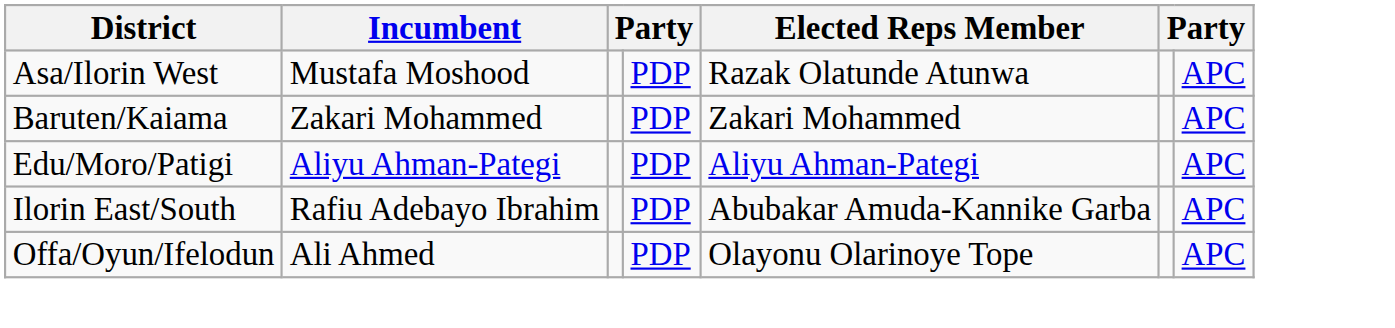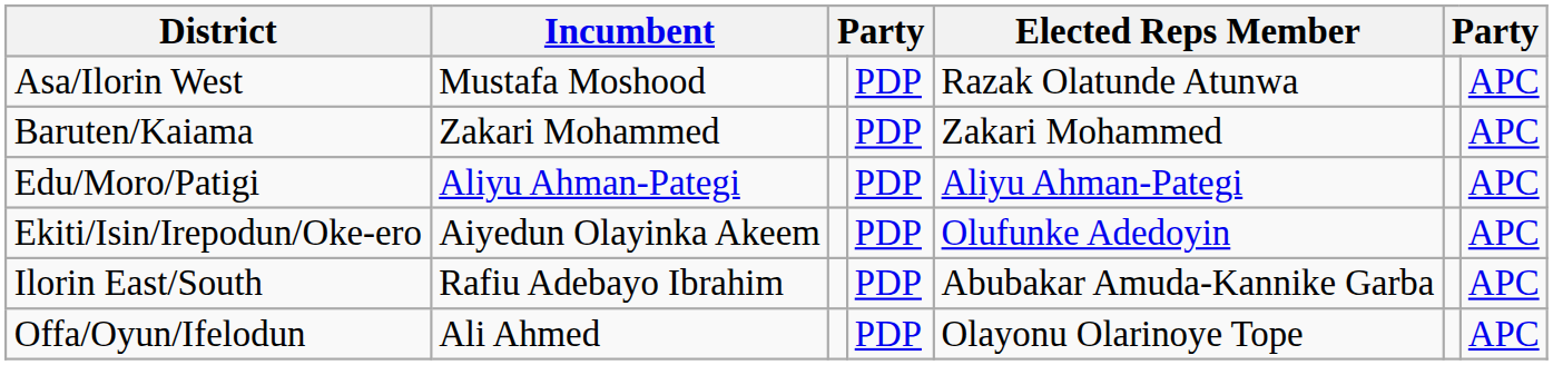 <table class="sortable wikitable" style="font-size:95%;line-height:14px;">
 <tr>
 <th class="unsortable">District</th>
 <th class="unsortable"><a href='#'>Incumbent</a></th>
 <th colspan="2">Party</th>
 <th class="unsortable">Elected Reps Member</th>
 <th colspan="2">Party</th>
 </tr>
 <tr>
 <td>Asa/Ilorin West</td>
 <td>Mustafa Moshood</td>
 <td style="background:"></td>
 <td><a href='#'>PDP</a></td>
 <td>Razak Olatunde Atunwa</td>
 <td style="background:"></td>
 <td><a href='#'>APC</a></td>
 </tr>
 <tr>
 <td>Baruten/Kaiama</td>
 <td>Zakari Mohammed</td>
 <td style="background:"></td>
 <td><a href='#'>PDP</a></td>
 <td>Zakari Mohammed</td>
 <td style="background:"></td>
 <td><a href='#'>APC</a></td>
 </tr>
 <tr>
 <td>Edu/Moro/Patigi</td>
 <td><a href='#'>Aliyu Ahman-Pategi</a></td>
 <td style="background:"></td>
 <td><a href='#'>PDP</a></td>
 <td><a href='#'>Aliyu Ahman-Pategi</a></td>
 <td style="background:"></td>
 <td><a href='#'>APC</a></td>
 </tr>
 <tr>
+<td>Ekiti/Isin/Irepodun/Oke-ero</td>
+<td>Aiyedun Olayinka Akeem</td>
+<td style="background:"></td>
+<td><a href='#'>PDP</a></td>
+<td><a href='#'>Olufunke Adedoyin</a></td>
+<td style="background:"></td>
+<td><a href='#'>APC</a></td>
+</tr>
+<tr>
 <td>Ilorin East/South</td>
 <td>Rafiu Adebayo Ibrahim</td>
 <td style="background:"></td>
 <td><a href='#'>PDP</a></td>
 <td>Abubakar Amuda-Kannike Garba</td>
 <td style="background:"></td>
 <td><a href='#'>APC</a></td>
 </tr>
 <tr>
 <td>Offa/Oyun/Ifelodun</td>
 <td>Ali Ahmed</td>
 <td style="background:"></td>
 <td><a href='#'>PDP</a></td>
 <td>Olayonu Olarinoye Tope</td>
 <td style="background:"></td>
 <td><a href='#'>APC</a></td>
 </tr>
 </table>
